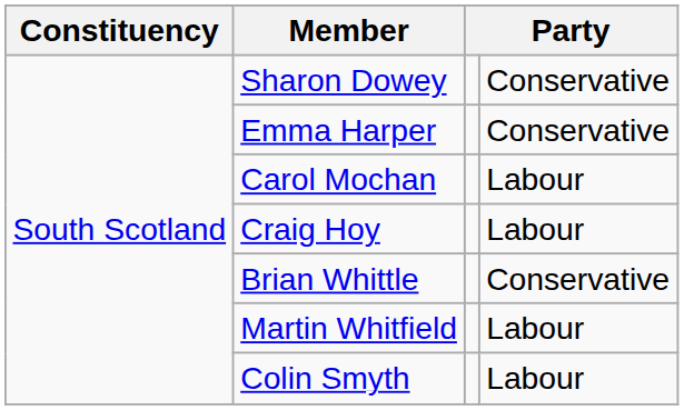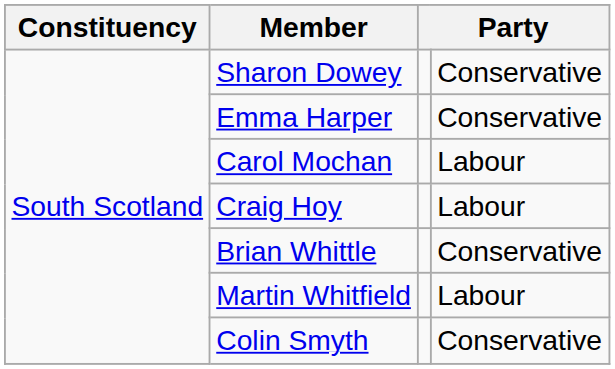 <table class="wikitable" style="font-size: 95%;">
 <tr>
 <th>Constituency</th>
 <th>Member</th>
 <th colspan=2>Party</th>
 </tr>
 <tr>
 <td rowspan=7><a href='#'>South Scotland</a></td>
 <td><a href='#'>Sharon Dowey</a></td>
 <td></td>
 <td>Conservative</td>
 </tr>
 <tr>
 <td><a href='#'>Emma Harper</a></td>
 <td></td>
 <td>Conservative</td>
 </tr>
 <tr>
 <td><a href='#'>Carol Mochan</a></td>
 <td></td>
 <td>Labour</td>
 </tr>
 <tr>
 <td><a href='#'>Craig Hoy</a></td>
 <td></td>
 <td>Labour</td>
 </tr>
 <tr>
 <td><a href='#'>Brian Whittle</a></td>
 <td></td>
 <td>Conservative</td>
 </tr>
 <tr>
 <td><a href='#'>Martin Whitfield</a></td>
 <td></td>
 <td>Labour</td>
 </tr>
 <tr>
 <td><a href='#'>Colin Smyth</a></td>
 <td></td>
-<td>Labour</td>
+<td>Conservative</td>
 </tr>
 </table>
